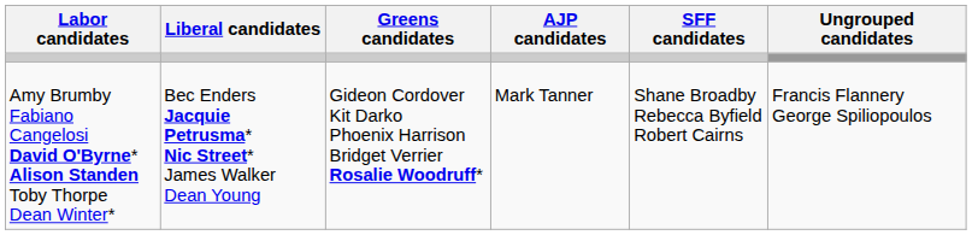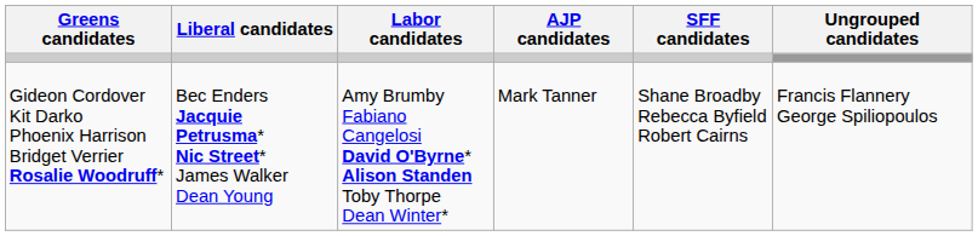 <table class="wikitable">
 <tr>
+<th><a href='#'>Greens</a> candidates</th>
+<th><a href='#'>Liberal</a> candidates</th>
 <th><a href='#'>Labor</a> candidates</th>
-<th><a href='#'>Liberal</a> candidates</th>
-<th><a href='#'>Greens</a> candidates</th>
 <th><a href='#'>AJP</a> candidates</th>
 <th><a href='#'>SFF</a> candidates</th>
 <th>Ungrouped candidates</th>
 </tr>
 <tr bgcolor="#cccccc">
 <td></td>
 <td></td>
 <td></td>
 <td></td>
 <td></td>
 <td bgcolor="#999999"></td>
 </tr>
 <tr>
+<td valign=top ><br>Gideon Cordover<br> Kit Darko<br> Phoenix Harrison<br> Bridget Verrier<br> <strong><a href='#'>Rosalie Woodruff</a></strong>*</td>
+<td valign=top ><br>Bec Enders<br> <strong><a href='#'>Jacquie Petrusma</a></strong>*<br> <strong><a href='#'>Nic Street</a></strong>*<br> James Walker<br> <a href='#'>Dean Young</a><br></td>
 <td valign=top ><br>Amy Brumby<br> <a href='#'>Fabiano Cangelosi</a><br> <strong><a href='#'>David O'Byrne</a></strong>*<br> <strong><a href='#'>Alison Standen</a></strong><br> Toby Thorpe<br> <a href='#'>Dean Winter</a>*</td>
-<td valign=top ><br>Bec Enders<br> <strong><a href='#'>Jacquie Petrusma</a></strong>*<br> <strong><a href='#'>Nic Street</a></strong>*<br> James Walker<br> <a href='#'>Dean Young</a><br></td>
-<td valign=top ><br>Gideon Cordover<br> Kit Darko<br> Phoenix Harrison<br> Bridget Verrier<br> <strong><a href='#'>Rosalie Woodruff</a></strong>*</td>
 <td valign=top><br>Mark Tanner</td>
 <td valign=top><br>Shane Broadby<br> Rebecca Byfield<br> Robert Cairns</td>
 <td valign=top><br>Francis Flannery<br> George Spiliopoulos</td>
 </tr>
 </table>
